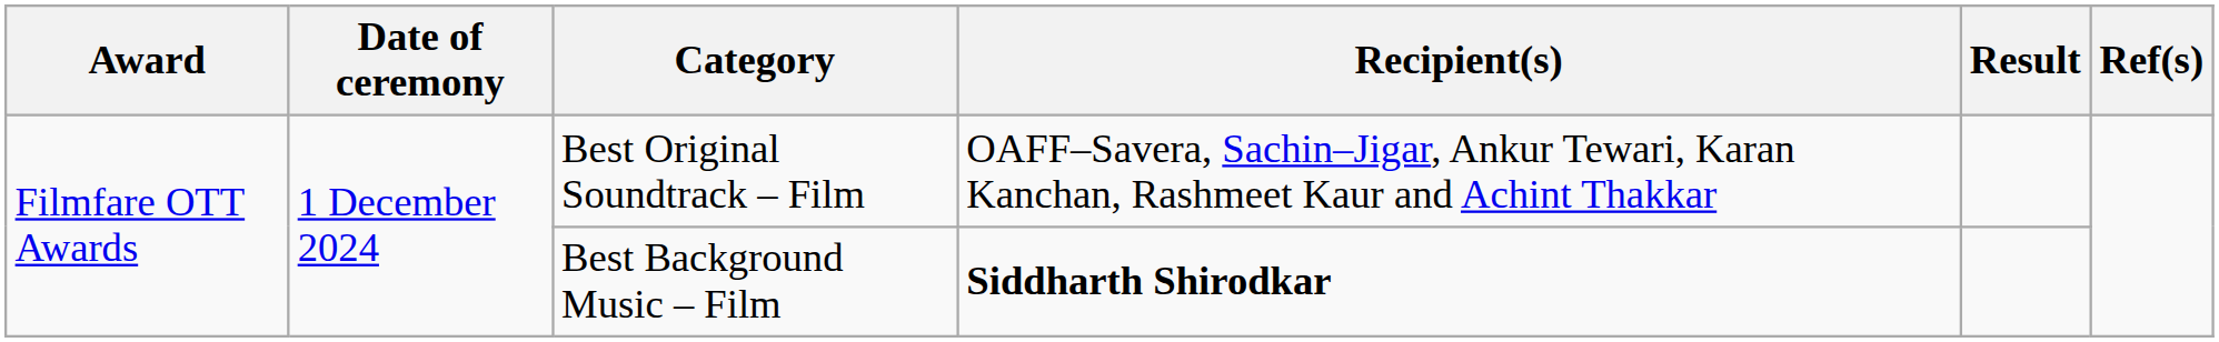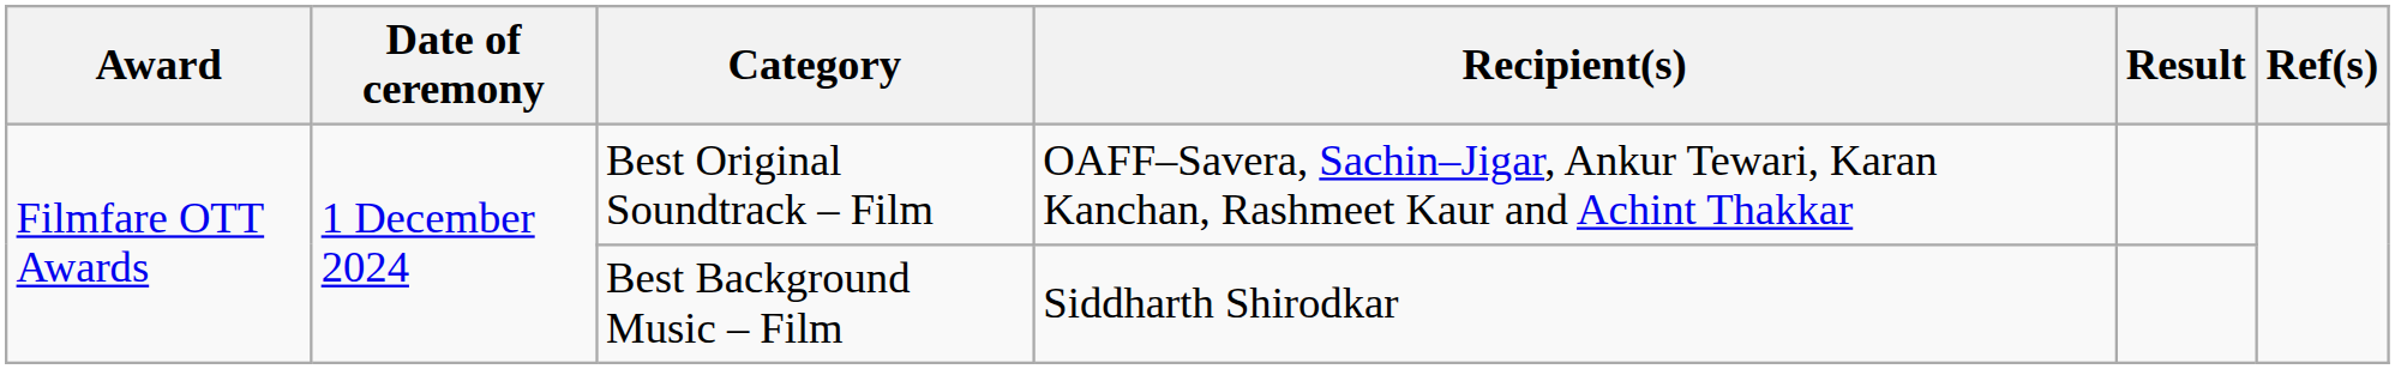 <table class="wikitable">
 <tr>
 <th>Award</th>
 <th>Date of ceremony</th>
 <th>Category</th>
 <th>Recipient(s)</th>
 <th>Result</th>
 <th>Ref(s)</th>
 </tr>
 <tr>
 <td rowspan="2"><a href='#'>Filmfare OTT Awards</a></td>
 <td rowspan="2"><a href='#'>1 December 2024</a></td>
 <td>Best Original Soundtrack – Film</td>
 <td>OAFF–Savera, <a href='#'>Sachin–Jigar</a>, Ankur Tewari, Karan Kanchan, Rashmeet Kaur and <a href='#'>Achint Thakkar</a></td>
 <td></td>
 <td rowspan="2"></td>
 </tr>
 <tr>
 <td>Best Background Music – Film</td>
-<td><strong>Siddharth Shirodkar</strong></td>
+<td>Siddharth Shirodkar</td>
 <td></td>
 </tr>
 </table>
